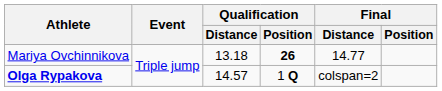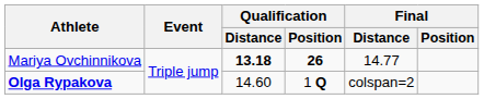 <table class=wikitable style="font-size:90%">
 <tr>
 <th rowspan="2">Athlete</th>
 <th rowspan="2">Event</th>
 <th colspan="2">Qualification</th>
 <th colspan="2">Final</th>
 </tr>
 <tr style="font-size:95%">
 <th>Distance</th>
 <th>Position</th>
 <th>Distance</th>
 <th>Position</th>
 </tr>
 <tr style=text-align:center>
 <td style=text-align:left><a href='#'>Mariya Ovchinnikova</a></td>
 <td style=text-align:left rowspan=2><a href='#'>Triple jump</a></td>
-<td>13.18</td>
+<td><strong>13.18</strong></td>
 <td><strong>26</strong></td>
 <td>14.77</td>
 </tr>
 <tr style=text-align:center>
 <td style=text-align:left><strong><a href='#'>Olga Rypakova</a></strong></td>
-<td>14.57</td>
+<td>14.60</td>
 <td>1 <strong>Q</strong></td>
 <td>colspan=2 </td>
 <td></td>
 </tr>
 </table>
